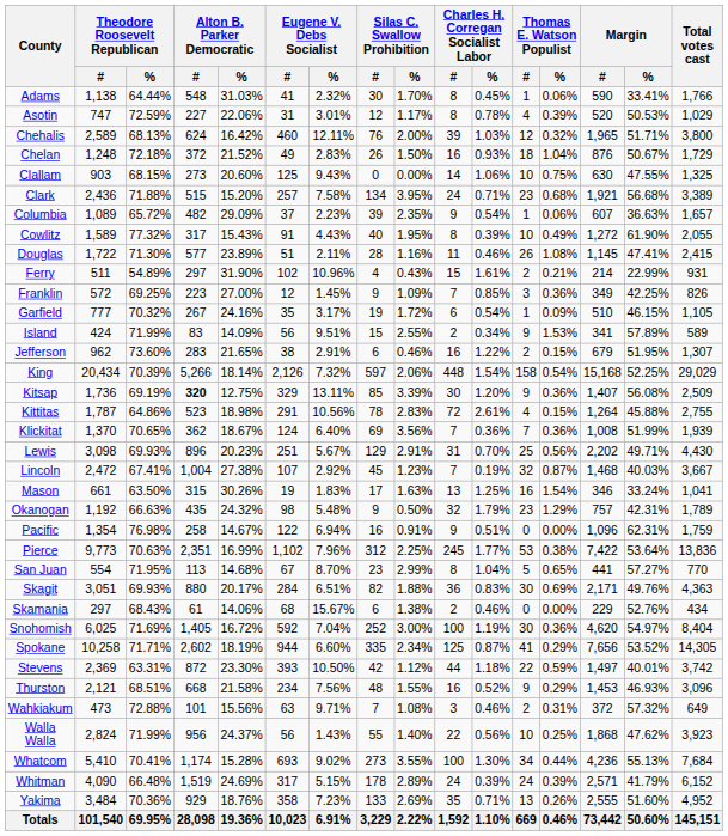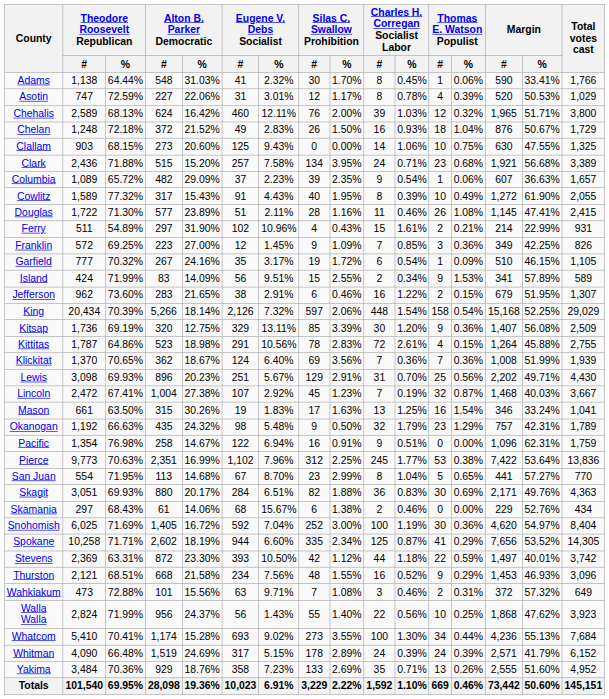 <table class="wikitable sortable" style="text-align:center">
 <tr>
 <th colspan="1" rowspan="2">County</th>
 <th style="text-align:center;" colspan="2"><a href='#'>Theodore Roosevelt</a><br>Republican</th>
 <th style="text-align:center;" colspan="2"><a href='#'>Alton B. Parker</a><br>Democratic</th>
 <th style="text-align:center;" colspan="2"><a href='#'>Eugene V. Debs</a><br>Socialist</th>
 <th style="text-align:center;" colspan="2"><a href='#'>Silas C. Swallow</a><br>Prohibition</th>
 <th style="text-align:center;" colspan="2"><a href='#'>Charles H. Corregan</a><br>Socialist Labor</th>
 <th style="text-align:center;" colspan="2"><a href='#'>Thomas E. Watson</a><br>Populist</th>
 <th style="text-align:center;" colspan="2">Margin</th>
 <th style="text-align:center;" rowspan="2">Total votes cast</th>
 </tr>
 <tr>
 <th style="text-align:center;" data-sort-type="number">#</th>
 <th style="text-align:center;" data-sort-type="number">%</th>
 <th style="text-align:center;" data-sort-type="number">#</th>
 <th style="text-align:center;" data-sort-type="number">%</th>
 <th style="text-align:center;" data-sort-type="number">#</th>
 <th style="text-align:center;" data-sort-type="number">%</th>
 <th style="text-align:center;" data-sort-type="number">#</th>
 <th style="text-align:center;" data-sort-type="number">%</th>
 <th style="text-align:center;" data-sort-type="number">#</th>
 <th style="text-align:center;" data-sort-type="number">%</th>
 <th style="text-align:center;" data-sort-type="number">#</th>
 <th style="text-align:center;" data-sort-type="number">%</th>
 <th style="text-align:center;" data-sort-type="number">#</th>
 <th style="text-align:center;" data-sort-type="number">%</th>
 </tr>
 <tr style="text-align:center;">
 <td><a href='#'>Adams</a></td>
 <td>1,138</td>
 <td>64.44%</td>
 <td>548</td>
 <td>31.03%</td>
 <td>41</td>
 <td>2.32%</td>
 <td>30</td>
 <td>1.70%</td>
 <td>8</td>
 <td>0.45%</td>
 <td>1</td>
 <td>0.06%</td>
 <td>590</td>
 <td>33.41%</td>
 <td>1,766</td>
 </tr>
 <tr style="text-align:center;">
 <td><a href='#'>Asotin</a></td>
 <td>747</td>
 <td>72.59%</td>
 <td>227</td>
 <td>22.06%</td>
 <td>31</td>
 <td>3.01%</td>
 <td>12</td>
 <td>1.17%</td>
 <td>8</td>
 <td>0.78%</td>
 <td>4</td>
 <td>0.39%</td>
 <td>520</td>
 <td>50.53%</td>
 <td>1,029</td>
 </tr>
 <tr style="text-align:center;">
 <td><a href='#'>Chehalis</a></td>
 <td>2,589</td>
 <td>68.13%</td>
 <td>624</td>
 <td>16.42%</td>
 <td>460</td>
 <td>12.11%</td>
 <td>76</td>
 <td>2.00%</td>
 <td>39</td>
 <td>1.03%</td>
 <td>12</td>
 <td>0.32%</td>
 <td>1,965</td>
 <td>51.71%</td>
 <td>3,800</td>
 </tr>
 <tr style="text-align:center;">
 <td><a href='#'>Chelan</a></td>
 <td>1,248</td>
 <td>72.18%</td>
 <td>372</td>
 <td>21.52%</td>
 <td>49</td>
 <td>2.83%</td>
 <td>26</td>
 <td>1.50%</td>
 <td>16</td>
 <td>0.93%</td>
 <td>18</td>
 <td>1.04%</td>
 <td>876</td>
 <td>50.67%</td>
 <td>1,729</td>
 </tr>
 <tr style="text-align:center;">
 <td><a href='#'>Clallam</a></td>
 <td>903</td>
 <td>68.15%</td>
 <td>273</td>
 <td>20.60%</td>
 <td>125</td>
 <td>9.43%</td>
 <td>0</td>
 <td>0.00%</td>
 <td>14</td>
 <td>1.06%</td>
 <td>10</td>
 <td>0.75%</td>
 <td>630</td>
 <td>47.55%</td>
 <td>1,325</td>
 </tr>
 <tr style="text-align:center;">
 <td><a href='#'>Clark</a></td>
 <td>2,436</td>
 <td>71.88%</td>
 <td>515</td>
 <td>15.20%</td>
 <td>257</td>
 <td>7.58%</td>
 <td>134</td>
 <td>3.95%</td>
 <td>24</td>
 <td>0.71%</td>
 <td>23</td>
 <td>0.68%</td>
 <td>1,921</td>
 <td>56.68%</td>
 <td>3,389</td>
 </tr>
 <tr style="text-align:center;">
 <td><a href='#'>Columbia</a></td>
 <td>1,089</td>
 <td>65.72%</td>
 <td>482</td>
 <td>29.09%</td>
 <td>37</td>
 <td>2.23%</td>
 <td>39</td>
 <td>2.35%</td>
 <td>9</td>
 <td>0.54%</td>
 <td>1</td>
 <td>0.06%</td>
 <td>607</td>
 <td>36.63%</td>
 <td>1,657</td>
 </tr>
 <tr style="text-align:center;">
 <td><a href='#'>Cowlitz</a></td>
 <td>1,589</td>
 <td>77.32%</td>
 <td>317</td>
 <td>15.43%</td>
 <td>91</td>
 <td>4.43%</td>
 <td>40</td>
 <td>1.95%</td>
 <td>8</td>
 <td>0.39%</td>
 <td>10</td>
 <td>0.49%</td>
 <td>1,272</td>
 <td>61.90%</td>
 <td>2,055</td>
 </tr>
 <tr style="text-align:center;">
 <td><a href='#'>Douglas</a></td>
 <td>1,722</td>
 <td>71.30%</td>
 <td>577</td>
 <td>23.89%</td>
 <td>51</td>
 <td>2.11%</td>
 <td>28</td>
 <td>1.16%</td>
 <td>11</td>
 <td>0.46%</td>
 <td>26</td>
 <td>1.08%</td>
 <td>1,145</td>
 <td>47.41%</td>
 <td>2,415</td>
 </tr>
 <tr style="text-align:center;">
 <td><a href='#'>Ferry</a></td>
 <td>511</td>
 <td>54.89%</td>
 <td>297</td>
 <td>31.90%</td>
 <td>102</td>
 <td>10.96%</td>
 <td>4</td>
 <td>0.43%</td>
 <td>15</td>
 <td>1.61%</td>
 <td>2</td>
 <td>0.21%</td>
 <td>214</td>
 <td>22.99%</td>
 <td>931</td>
 </tr>
 <tr style="text-align:center;">
 <td><a href='#'>Franklin</a></td>
 <td>572</td>
 <td>69.25%</td>
 <td>223</td>
 <td>27.00%</td>
 <td>12</td>
 <td>1.45%</td>
 <td>9</td>
 <td>1.09%</td>
 <td>7</td>
 <td>0.85%</td>
 <td>3</td>
 <td>0.36%</td>
 <td>349</td>
 <td>42.25%</td>
 <td>826</td>
 </tr>
 <tr style="text-align:center;">
 <td><a href='#'>Garfield</a></td>
 <td>777</td>
 <td>70.32%</td>
 <td>267</td>
 <td>24.16%</td>
 <td>35</td>
 <td>3.17%</td>
 <td>19</td>
 <td>1.72%</td>
 <td>6</td>
 <td>0.54%</td>
 <td>1</td>
 <td>0.09%</td>
 <td>510</td>
 <td>46.15%</td>
 <td>1,105</td>
 </tr>
 <tr style="text-align:center;">
 <td><a href='#'>Island</a></td>
 <td>424</td>
 <td>71.99%</td>
 <td>83</td>
 <td>14.09%</td>
 <td>56</td>
 <td>9.51%</td>
 <td>15</td>
 <td>2.55%</td>
 <td>2</td>
 <td>0.34%</td>
 <td>9</td>
 <td>1.53%</td>
 <td>341</td>
 <td>57.89%</td>
 <td>589</td>
 </tr>
 <tr style="text-align:center;">
 <td><a href='#'>Jefferson</a></td>
 <td>962</td>
 <td>73.60%</td>
 <td>283</td>
 <td>21.65%</td>
 <td>38</td>
 <td>2.91%</td>
 <td>6</td>
 <td>0.46%</td>
 <td>16</td>
 <td>1.22%</td>
 <td>2</td>
 <td>0.15%</td>
 <td>679</td>
 <td>51.95%</td>
 <td>1,307</td>
 </tr>
 <tr style="text-align:center;">
 <td><a href='#'>King</a></td>
 <td>20,434</td>
 <td>70.39%</td>
 <td>5,266</td>
 <td>18.14%</td>
 <td>2,126</td>
 <td>7.32%</td>
 <td>597</td>
 <td>2.06%</td>
 <td>448</td>
 <td>1.54%</td>
 <td>158</td>
 <td>0.54%</td>
 <td>15,168</td>
 <td>52.25%</td>
 <td>29,029</td>
 </tr>
 <tr style="text-align:center;">
 <td><a href='#'>Kitsap</a></td>
 <td>1,736</td>
 <td>69.19%</td>
-<td><strong>320</strong></td>
+<td>320</td>
 <td>12.75%</td>
 <td>329</td>
 <td>13.11%</td>
 <td>85</td>
 <td>3.39%</td>
 <td>30</td>
 <td>1.20%</td>
 <td>9</td>
 <td>0.36%</td>
 <td>1,407</td>
 <td>56.08%</td>
 <td>2,509</td>
 </tr>
 <tr style="text-align:center;">
 <td><a href='#'>Kittitas</a></td>
 <td>1,787</td>
 <td>64.86%</td>
 <td>523</td>
 <td>18.98%</td>
 <td>291</td>
 <td>10.56%</td>
 <td>78</td>
 <td>2.83%</td>
 <td>72</td>
 <td>2.61%</td>
 <td>4</td>
 <td>0.15%</td>
 <td>1,264</td>
 <td>45.88%</td>
 <td>2,755</td>
 </tr>
 <tr style="text-align:center;">
 <td><a href='#'>Klickitat</a></td>
 <td>1,370</td>
 <td>70.65%</td>
 <td>362</td>
 <td>18.67%</td>
 <td>124</td>
 <td>6.40%</td>
 <td>69</td>
 <td>3.56%</td>
 <td>7</td>
 <td>0.36%</td>
 <td>7</td>
 <td>0.36%</td>
 <td>1,008</td>
 <td>51.99%</td>
 <td>1,939</td>
 </tr>
 <tr style="text-align:center;">
 <td><a href='#'>Lewis</a></td>
 <td>3,098</td>
 <td>69.93%</td>
 <td>896</td>
 <td>20.23%</td>
 <td>251</td>
 <td>5.67%</td>
 <td>129</td>
 <td>2.91%</td>
 <td>31</td>
 <td>0.70%</td>
 <td>25</td>
 <td>0.56%</td>
 <td>2,202</td>
 <td>49.71%</td>
 <td>4,430</td>
 </tr>
 <tr style="text-align:center;">
 <td><a href='#'>Lincoln</a></td>
 <td>2,472</td>
 <td>67.41%</td>
 <td>1,004</td>
 <td>27.38%</td>
 <td>107</td>
 <td>2.92%</td>
 <td>45</td>
 <td>1.23%</td>
 <td>7</td>
 <td>0.19%</td>
 <td>32</td>
 <td>0.87%</td>
 <td>1,468</td>
 <td>40.03%</td>
 <td>3,667</td>
 </tr>
 <tr style="text-align:center;">
 <td><a href='#'>Mason</a></td>
 <td>661</td>
 <td>63.50%</td>
 <td>315</td>
 <td>30.26%</td>
 <td>19</td>
 <td>1.83%</td>
 <td>17</td>
 <td>1.63%</td>
 <td>13</td>
 <td>1.25%</td>
 <td>16</td>
 <td>1.54%</td>
 <td>346</td>
 <td>33.24%</td>
 <td>1,041</td>
 </tr>
 <tr style="text-align:center;">
 <td><a href='#'>Okanogan</a></td>
 <td>1,192</td>
 <td>66.63%</td>
 <td>435</td>
 <td>24.32%</td>
 <td>98</td>
 <td>5.48%</td>
 <td>9</td>
 <td>0.50%</td>
 <td>32</td>
 <td>1.79%</td>
 <td>23</td>
 <td>1.29%</td>
 <td>757</td>
 <td>42.31%</td>
 <td>1,789</td>
 </tr>
 <tr style="text-align:center;">
 <td><a href='#'>Pacific</a></td>
 <td>1,354</td>
 <td>76.98%</td>
 <td>258</td>
 <td>14.67%</td>
 <td>122</td>
 <td>6.94%</td>
 <td>16</td>
 <td>0.91%</td>
 <td>9</td>
 <td>0.51%</td>
 <td>0</td>
 <td>0.00%</td>
 <td>1,096</td>
 <td>62.31%</td>
 <td>1,759</td>
 </tr>
 <tr style="text-align:center;">
 <td><a href='#'>Pierce</a></td>
 <td>9,773</td>
 <td>70.63%</td>
 <td>2,351</td>
 <td>16.99%</td>
 <td>1,102</td>
 <td>7.96%</td>
 <td>312</td>
 <td>2.25%</td>
 <td>245</td>
 <td>1.77%</td>
 <td>53</td>
 <td>0.38%</td>
 <td>7,422</td>
 <td>53.64%</td>
 <td>13,836</td>
 </tr>
 <tr style="text-align:center;">
 <td><a href='#'>San Juan</a></td>
 <td>554</td>
 <td>71.95%</td>
 <td>113</td>
 <td>14.68%</td>
 <td>67</td>
 <td>8.70%</td>
 <td>23</td>
 <td>2.99%</td>
 <td>8</td>
 <td>1.04%</td>
 <td>5</td>
 <td>0.65%</td>
 <td>441</td>
 <td>57.27%</td>
 <td>770</td>
 </tr>
 <tr style="text-align:center;">
 <td><a href='#'>Skagit</a></td>
 <td>3,051</td>
 <td>69.93%</td>
 <td>880</td>
 <td>20.17%</td>
 <td>284</td>
 <td>6.51%</td>
 <td>82</td>
 <td>1.88%</td>
 <td>36</td>
 <td>0.83%</td>
 <td>30</td>
 <td>0.69%</td>
 <td>2,171</td>
 <td>49.76%</td>
 <td>4,363</td>
 </tr>
 <tr style="text-align:center;">
 <td><a href='#'>Skamania</a></td>
 <td>297</td>
 <td>68.43%</td>
 <td>61</td>
 <td>14.06%</td>
 <td>68</td>
 <td>15.67%</td>
 <td>6</td>
 <td>1.38%</td>
 <td>2</td>
 <td>0.46%</td>
 <td>0</td>
 <td>0.00%</td>
 <td>229</td>
 <td>52.76%</td>
 <td>434</td>
 </tr>
 <tr style="text-align:center;">
 <td><a href='#'>Snohomish</a></td>
 <td>6,025</td>
 <td>71.69%</td>
 <td>1,405</td>
 <td>16.72%</td>
 <td>592</td>
 <td>7.04%</td>
 <td>252</td>
 <td>3.00%</td>
 <td>100</td>
 <td>1.19%</td>
 <td>30</td>
 <td>0.36%</td>
 <td>4,620</td>
 <td>54.97%</td>
 <td>8,404</td>
 </tr>
 <tr style="text-align:center;">
 <td><a href='#'>Spokane</a></td>
 <td>10,258</td>
 <td>71.71%</td>
 <td>2,602</td>
 <td>18.19%</td>
 <td>944</td>
 <td>6.60%</td>
 <td>335</td>
 <td>2.34%</td>
 <td>125</td>
 <td>0.87%</td>
 <td>41</td>
 <td>0.29%</td>
 <td>7,656</td>
 <td>53.52%</td>
 <td>14,305</td>
 </tr>
 <tr style="text-align:center;">
 <td><a href='#'>Stevens</a></td>
 <td>2,369</td>
 <td>63.31%</td>
 <td>872</td>
 <td>23.30%</td>
 <td>393</td>
 <td>10.50%</td>
 <td>42</td>
 <td>1.12%</td>
 <td>44</td>
 <td>1.18%</td>
 <td>22</td>
 <td>0.59%</td>
 <td>1,497</td>
 <td>40.01%</td>
 <td>3,742</td>
 </tr>
 <tr style="text-align:center;">
 <td><a href='#'>Thurston</a></td>
 <td>2,121</td>
 <td>68.51%</td>
 <td>668</td>
 <td>21.58%</td>
 <td>234</td>
 <td>7.56%</td>
 <td>48</td>
 <td>1.55%</td>
 <td>16</td>
 <td>0.52%</td>
 <td>9</td>
 <td>0.29%</td>
 <td>1,453</td>
 <td>46.93%</td>
 <td>3,096</td>
 </tr>
 <tr style="text-align:center;">
 <td><a href='#'>Wahkiakum</a></td>
 <td>473</td>
 <td>72.88%</td>
 <td>101</td>
 <td>15.56%</td>
 <td>63</td>
 <td>9.71%</td>
 <td>7</td>
 <td>1.08%</td>
 <td>3</td>
 <td>0.46%</td>
 <td>2</td>
 <td>0.31%</td>
 <td>372</td>
 <td>57.32%</td>
 <td>649</td>
 </tr>
 <tr style="text-align:center;">
 <td><a href='#'>Walla Walla</a></td>
 <td>2,824</td>
 <td>71.99%</td>
 <td>956</td>
 <td>24.37%</td>
 <td>56</td>
 <td>1.43%</td>
 <td>55</td>
 <td>1.40%</td>
 <td>22</td>
 <td>0.56%</td>
 <td>10</td>
 <td>0.25%</td>
 <td>1,868</td>
 <td>47.62%</td>
 <td>3,923</td>
 </tr>
 <tr style="text-align:center;">
 <td><a href='#'>Whatcom</a></td>
 <td>5,410</td>
 <td>70.41%</td>
 <td>1,174</td>
 <td>15.28%</td>
 <td>693</td>
 <td>9.02%</td>
 <td>273</td>
 <td>3.55%</td>
 <td>100</td>
 <td>1.30%</td>
 <td>34</td>
 <td>0.44%</td>
 <td>4,236</td>
 <td>55.13%</td>
 <td>7,684</td>
 </tr>
 <tr style="text-align:center;">
 <td><a href='#'>Whitman</a></td>
 <td>4,090</td>
 <td>66.48%</td>
 <td>1,519</td>
 <td>24.69%</td>
 <td>317</td>
 <td>5.15%</td>
 <td>178</td>
 <td>2.89%</td>
 <td>24</td>
 <td>0.39%</td>
 <td>24</td>
 <td>0.39%</td>
 <td>2,571</td>
 <td>41.79%</td>
 <td>6,152</td>
 </tr>
 <tr style="text-align:center;">
 <td><a href='#'>Yakima</a></td>
 <td>3,484</td>
 <td>70.36%</td>
 <td>929</td>
 <td>18.76%</td>
 <td>358</td>
 <td>7.23%</td>
 <td>133</td>
 <td>2.69%</td>
 <td>35</td>
 <td>0.71%</td>
 <td>13</td>
 <td>0.26%</td>
 <td>2,555</td>
 <td>51.60%</td>
 <td>4,952</td>
 </tr>
 <tr style="text-align:center;">
 <th>Totals</th>
 <th>101,540</th>
 <th>69.95%</th>
 <th>28,098</th>
 <th>19.36%</th>
 <th>10,023</th>
 <th>6.91%</th>
 <th>3,229</th>
 <th>2.22%</th>
 <th>1,592</th>
 <th>1.10%</th>
 <th>669</th>
 <th>0.46%</th>
 <th>73,442</th>
 <th>50.60%</th>
 <th>145,151</th>
 </tr>
 </table>
